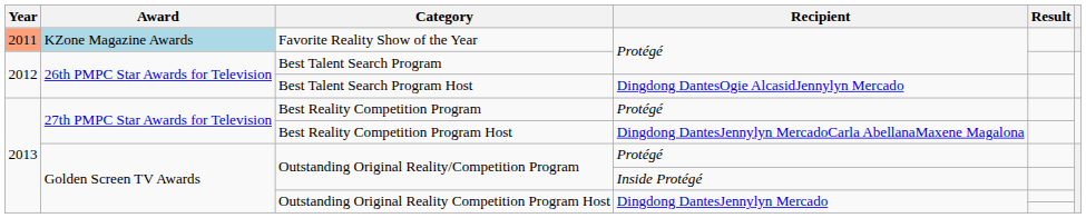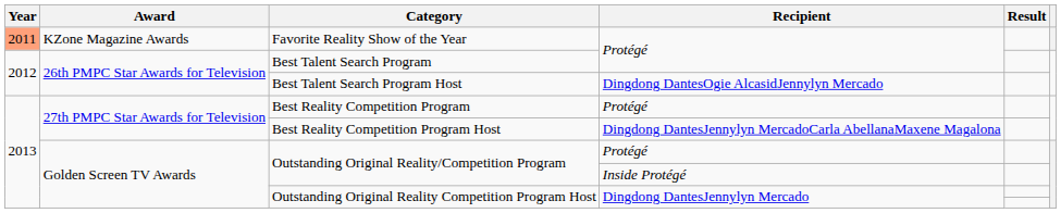 <table class="wikitable">
 <tr>
 <th>Year</th>
 <th>Award</th>
 <th>Category</th>
 <th>Recipient</th>
 <th>Result</th>
 <th></th>
 </tr>
 <tr>
 <td style="background: lightsalmon;">2011</td>
-<td style="background: lightblue;">KZone Magazine Awards</td>
+<td>KZone Magazine Awards</td>
 <td>Favorite Reality Show of the Year</td>
 <td rowspan=2><em>Protégé</em></td>
 <td></td>
 <th></th>
 </tr>
 <tr>
 <td rowspan=2>2012</td>
 <td rowspan=2><a href='#'>26th PMPC Star Awards for Television</a></td>
 <td>Best Talent Search Program</td>
 <td></td>
 <td rowspan=2></td>
 </tr>
 <tr>
 <td>Best Talent Search Program Host</td>
 <td><a href='#'>Dingdong Dantes</a><a href='#'>Ogie Alcasid</a><a href='#'>Jennylyn Mercado</a></td>
 <td></td>
 </tr>
 <tr>
 <td rowspan=6>2013</td>
 <td rowspan=2><a href='#'>27th PMPC Star Awards for Television</a></td>
 <td>Best Reality Competition Program</td>
 <td><em>Protégé</em></td>
 <td></td>
 <td rowspan=2></td>
 </tr>
 <tr>
 <td>Best Reality Competition Program Host</td>
 <td><a href='#'>Dingdong Dantes</a><a href='#'>Jennylyn Mercado</a><a href='#'>Carla Abellana</a><a href='#'>Maxene Magalona</a></td>
 <td></td>
 </tr>
 <tr>
 <td rowspan=4>Golden Screen TV Awards</td>
 <td rowspan=2>Outstanding Original Reality/Competition Program</td>
 <td><em>Protégé</em></td>
 <td></td>
 <th rowspan=4></th>
 </tr>
 <tr>
 <td><em>Inside Protégé</em></td>
 <td></td>
 </tr>
 <tr>
 <td rowspan=2>Outstanding Original Reality Competition Program Host</td>
 <td rowspan=2><a href='#'>Dingdong Dantes</a><a href='#'>Jennylyn Mercado</a></td>
 <td></td>
 </tr>
 <tr>
 <td></td>
 </tr>
 </table>
